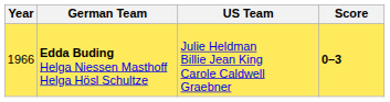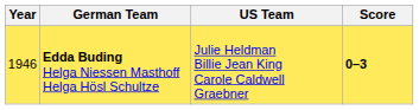 <table class="sortable wikitable">
 <tr>
 <th><strong>Year</strong></th>
 <th style="width:180px"><strong>German Team</strong></th>
 <th style="width:180px"><strong>US Team</strong></th>
 <th style="width:80px" class="unsortable">Score</th>
 </tr>
 <tr bgcolor=FFEA5C>
-<td>1966</td>
+<td>1946</td>
 <td><br> <strong>Edda Buding</strong><br>  <a href='#'>Helga Niessen Masthoff</a><br>  <a href='#'>Helga Hösl Schultze</a></td>
 <td><br> <a href='#'>Julie Heldman</a><br>  <a href='#'>Billie Jean King</a><br>  <a href='#'>Carole Caldwell Graebner</a></td>
 <td><strong>0–3</strong></td>
 </tr>
 </table>
